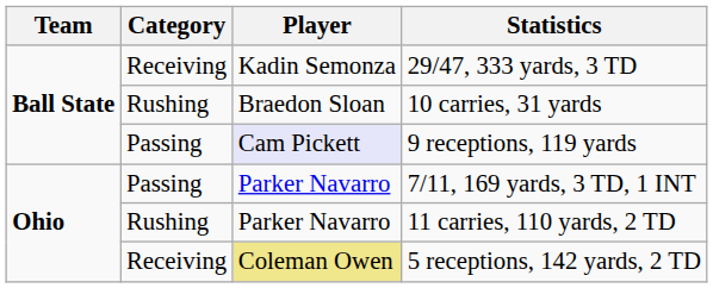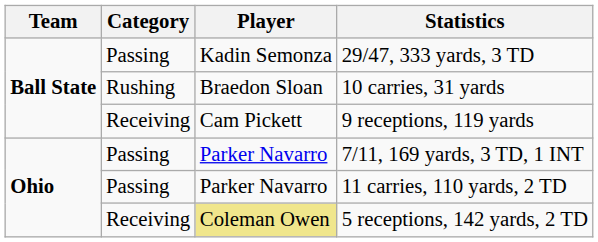 <table class="wikitable" style="float: right;">
 <tr>
 <th>Team</th>
 <th>Category</th>
 <th>Player</th>
 <th>Statistics</th>
 </tr>
 <tr>
 <td rowspan=3><strong>Ball State</strong></td>
-<td>Receiving</td>
+<td>Passing</td>
 <td>Kadin Semonza</td>
 <td>29/47, 333 yards, 3 TD</td>
 </tr>
 <tr>
 <td>Rushing</td>
 <td>Braedon Sloan</td>
 <td>10 carries, 31 yards</td>
 </tr>
 <tr>
-<td>Passing</td>
-<td style="background: lavender;">Cam Pickett</td>
+<td>Receiving</td>
+<td>Cam Pickett</td>
 <td>9 receptions, 119 yards</td>
 </tr>
 <tr>
 <td rowspan=3><strong>Ohio</strong></td>
 <td>Passing</td>
 <td><a href='#'>Parker Navarro</a></td>
 <td>7/11, 169 yards, 3 TD, 1 INT</td>
 </tr>
 <tr>
-<td>Rushing</td>
+<td>Passing</td>
 <td>Parker Navarro</td>
 <td>11 carries, 110 yards, 2 TD</td>
 </tr>
 <tr>
 <td>Receiving</td>
 <td style="background: khaki;">Coleman Owen</td>
 <td>5 receptions, 142 yards, 2 TD</td>
 </tr>
 </table>
